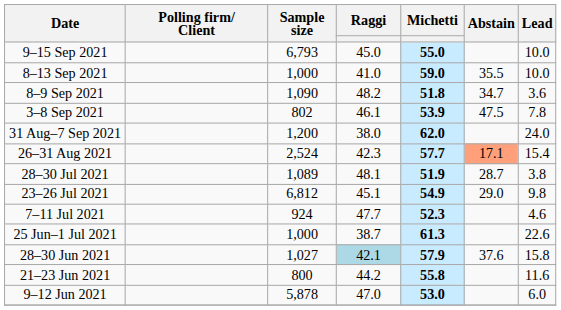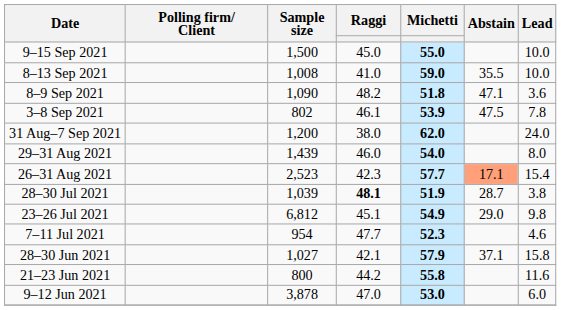 <table class=wikitable style="text-align:center;font-size:85%;line-height:13px">
 <tr style="height:30px; background-color:#E9E9E9">
 <th style="width:110px;" rowspan="2">Date</th>
 <th style="width:130px;" rowspan="2">Polling firm/<br>Client</th>
 <th style="width:60px;" rowspan="2">Sample size</th>
 <th style="width:55px;">Raggi</th>
 <th style="width:55px;">Michetti</th>
 <th style="width:30px;" rowspan="2">Abstain</th>
 <th style="width:30px;" rowspan="2">Lead</th>
 </tr>
 <tr>
 <th style="color:inherit;background:"></th>
 <th style="color:inherit;background:"></th>
 </tr>
 <tr>
 <td>9–15 Sep 2021</td>
 <td></td>
-<td>6,793</td>
+<td>1,500</td>
 <td>45.0</td>
 <td style="background:#C8EBFF"><strong>55.0</strong></td>
 <td></td>
 <td style="background:">10.0</td>
 </tr>
 <tr>
 <td>8–13 Sep 2021</td>
 <td></td>
-<td>1,000</td>
+<td>1,008</td>
 <td>41.0</td>
 <td style="background:#C8EBFF"><strong>59.0</strong></td>
 <td>35.5</td>
 <td style="background:">10.0</td>
 </tr>
 <tr>
 <td>8–9 Sep 2021</td>
 <td></td>
 <td>1,090</td>
 <td>48.2</td>
 <td style="background:#C8EBFF"><strong>51.8</strong></td>
-<td>34.7</td>
+<td>47.1</td>
 <td style="background:">3.6</td>
 </tr>
 <tr>
 <td>3–8 Sep 2021</td>
 <td></td>
 <td>802</td>
 <td>46.1</td>
 <td style="background:#C8EBFF"><strong>53.9</strong></td>
 <td>47.5</td>
 <td style="background:">7.8</td>
 </tr>
 <tr>
 <td>31 Aug–7 Sep 2021</td>
 <td></td>
 <td>1,200</td>
 <td>38.0</td>
 <td style="background:#C8EBFF"><strong>62.0</strong></td>
 <td></td>
 <td style="background:">24.0</td>
 </tr>
 <tr>
+<td>29–31 Aug 2021</td>
+<td></td>
+<td>1,439</td>
+<td>46.0</td>
+<td style="background:#C8EBFF"><strong>54.0</strong></td>
+<td></td>
+<td style="background:">8.0</td>
+</tr>
+<tr>
 <td>26–31 Aug 2021</td>
 <td></td>
-<td>2,524</td>
+<td>2,523</td>
 <td>42.3</td>
 <td style="background:#C8EBFF"><strong>57.7</strong></td>
 <td style="background: lightsalmon;">17.1</td>
 <td style="background:">15.4</td>
 </tr>
 <tr>
 <td>28–30 Jul 2021</td>
 <td></td>
-<td>1,089</td>
-<td>48.1</td>
+<td>1,039</td>
+<td><strong>48.1</strong></td>
 <td style="background:#C8EBFF"><strong>51.9</strong></td>
 <td>28.7</td>
 <td style="background:">3.8</td>
 </tr>
 <tr>
 <td>23–26 Jul 2021</td>
 <td></td>
 <td>6,812</td>
 <td>45.1</td>
 <td style="background:#C8EBFF"><strong>54.9</strong></td>
 <td>29.0</td>
 <td style="background:">9.8</td>
 </tr>
 <tr>
 <td>7–11 Jul 2021</td>
 <td></td>
-<td>924</td>
+<td>954</td>
 <td>47.7</td>
 <td style="background:#C8EBFF"><strong>52.3</strong></td>
 <td></td>
 <td style="background:">4.6</td>
 </tr>
 <tr>
-<td>25 Jun–1 Jul 2021</td>
-<td></td>
-<td>1,000</td>
-<td>38.7</td>
-<td style="background:#C8EBFF"><strong>61.3</strong></td>
-<td></td>
-<td style="background:">22.6</td>
-</tr>
-<tr>
 <td>28–30 Jun 2021</td>
 <td></td>
 <td>1,027</td>
-<td style="background: lightblue;">42.1</td>
+<td>42.1</td>
 <td style="background:#C8EBFF"><strong>57.9</strong></td>
-<td>37.6</td>
+<td>37.1</td>
 <td style="background:">15.8</td>
 </tr>
 <tr>
 <td>21–23 Jun 2021</td>
 <td></td>
 <td>800</td>
 <td>44.2</td>
 <td style="background:#C8EBFF"><strong>55.8</strong></td>
 <td></td>
 <td style="background:">11.6</td>
 </tr>
 <tr>
 <td>9–12 Jun 2021</td>
 <td></td>
-<td>5,878</td>
+<td>3,878</td>
 <td>47.0</td>
 <td style="background:#C8EBFF"><strong>53.0</strong></td>
 <td></td>
 <td style="background:">6.0</td>
 </tr>
 <tr>
 </tr>
 </table>
